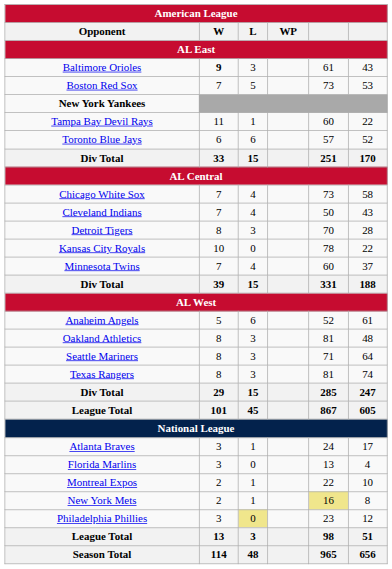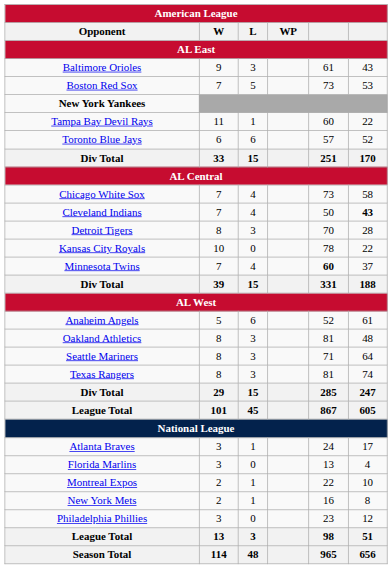 <table class="wikitable" style="margin:1em auto; font-size:95%; text-align:center; width:35em;">
 <tr>
 <th colspan="7" style="background:#c60c30; color:#ffffff;">American League</th>
 </tr>
 <tr>
 <th>Opponent</th>
 <th>W</th>
 <th>L</th>
 <th>WP</th>
 <th></th>
 <th></th>
 </tr>
 <tr>
 <th colspan="7" style="background:#c60c30; color:#ffffff;">AL East</th>
 </tr>
 <tr>
 <td><a href='#'>Baltimore Orioles</a></td>
-<td><strong>9</strong></td>
+<td>9</td>
 <td>3</td>
 <td></td>
 <td>61</td>
 <td>43</td>
 </tr>
 <tr>
 <td><a href='#'>Boston Red Sox</a></td>
 <td>7</td>
 <td>5</td>
 <td></td>
 <td>73</td>
 <td>53</td>
 </tr>
 <tr>
 <td><strong>New York Yankees</strong></td>
 <td colspan=5 style="background:darkgray;"></td>
 </tr>
 <tr>
 <td><a href='#'>Tampa Bay Devil Rays</a></td>
 <td>11</td>
 <td>1</td>
 <td></td>
 <td>60</td>
 <td>22</td>
 </tr>
 <tr>
 <td><a href='#'>Toronto Blue Jays</a></td>
 <td>6</td>
 <td>6</td>
 <td></td>
 <td>57</td>
 <td>52</td>
 </tr>
 <tr>
 <th>Div Total</th>
 <th>33</th>
 <th>15</th>
 <th></th>
 <th>251</th>
 <th>170</th>
 </tr>
 <tr>
 <th colspan="7" style="background:#c60c30; color:#ffffff;">AL Central</th>
 </tr>
 <tr>
 <td><a href='#'>Chicago White Sox</a></td>
 <td>7</td>
 <td>4</td>
 <td></td>
 <td>73</td>
 <td>58</td>
 </tr>
 <tr>
 <td><a href='#'>Cleveland Indians</a></td>
 <td>7</td>
 <td>4</td>
 <td></td>
 <td>50</td>
-<td>43</td>
+<td><strong>43</strong></td>
 </tr>
 <tr>
 <td><a href='#'>Detroit Tigers</a></td>
 <td>8</td>
 <td>3</td>
 <td></td>
 <td>70</td>
 <td>28</td>
 </tr>
 <tr>
 <td><a href='#'>Kansas City Royals</a></td>
 <td>10</td>
 <td>0</td>
 <td></td>
 <td>78</td>
 <td>22</td>
 </tr>
 <tr>
 <td><a href='#'>Minnesota Twins</a></td>
 <td>7</td>
 <td>4</td>
 <td></td>
-<td>60</td>
+<td><strong>60</strong></td>
 <td>37</td>
 </tr>
 <tr>
 <th>Div Total</th>
 <th>39</th>
 <th>15</th>
 <th></th>
 <th>331</th>
 <th>188</th>
 </tr>
 <tr>
 <th colspan="7" style="background:#c60c30; color:#ffffff;">AL West</th>
 </tr>
 <tr>
 <td><a href='#'>Anaheim Angels</a></td>
 <td>5</td>
 <td>6</td>
 <td></td>
 <td>52</td>
 <td>61</td>
 </tr>
 <tr>
 <td><a href='#'>Oakland Athletics</a></td>
 <td>8</td>
 <td>3</td>
 <td></td>
 <td>81</td>
 <td>48</td>
 </tr>
 <tr>
 <td><a href='#'>Seattle Mariners</a></td>
 <td>8</td>
 <td>3</td>
 <td></td>
 <td>71</td>
 <td>64</td>
 </tr>
 <tr>
 <td><a href='#'>Texas Rangers</a></td>
 <td>8</td>
 <td>3</td>
 <td></td>
 <td>81</td>
 <td>74</td>
 </tr>
 <tr>
 <th>Div Total</th>
 <th>29</th>
 <th>15</th>
 <th></th>
 <th>285</th>
 <th>247</th>
 </tr>
 <tr>
 <th>League Total</th>
 <th>101</th>
 <th>45</th>
 <th></th>
 <th>867</th>
 <th>605</th>
 </tr>
 <tr>
 <th colspan="7" style="background:#03224c; color:#ffffff;">National League</th>
 </tr>
 <tr>
 <td><a href='#'>Atlanta Braves</a></td>
 <td>3</td>
 <td>1</td>
 <td></td>
 <td>24</td>
 <td>17</td>
 </tr>
 <tr>
 <td><a href='#'>Florida Marlins</a></td>
 <td>3</td>
 <td>0</td>
 <td></td>
 <td>13</td>
 <td>4</td>
 </tr>
 <tr>
 <td><a href='#'>Montreal Expos</a></td>
 <td>2</td>
 <td>1</td>
 <td></td>
 <td>22</td>
 <td>10</td>
 </tr>
 <tr>
 <td><a href='#'>New York Mets</a></td>
 <td>2</td>
 <td>1</td>
 <td></td>
-<td style="background: khaki;">16</td>
+<td>16</td>
 <td>8</td>
 </tr>
 <tr>
 <td><a href='#'>Philadelphia Phillies</a></td>
 <td>3</td>
-<td style="background: khaki;">0</td>
+<td>0</td>
 <td></td>
 <td>23</td>
 <td>12</td>
 </tr>
 <tr>
 <th>League Total</th>
 <th>13</th>
 <th>3</th>
 <th></th>
 <th>98</th>
 <th>51</th>
 </tr>
 <tr>
 <th>Season Total</th>
 <th>114</th>
 <th>48</th>
 <th></th>
 <th>965</th>
 <th>656</th>
 </tr>
 </table>
